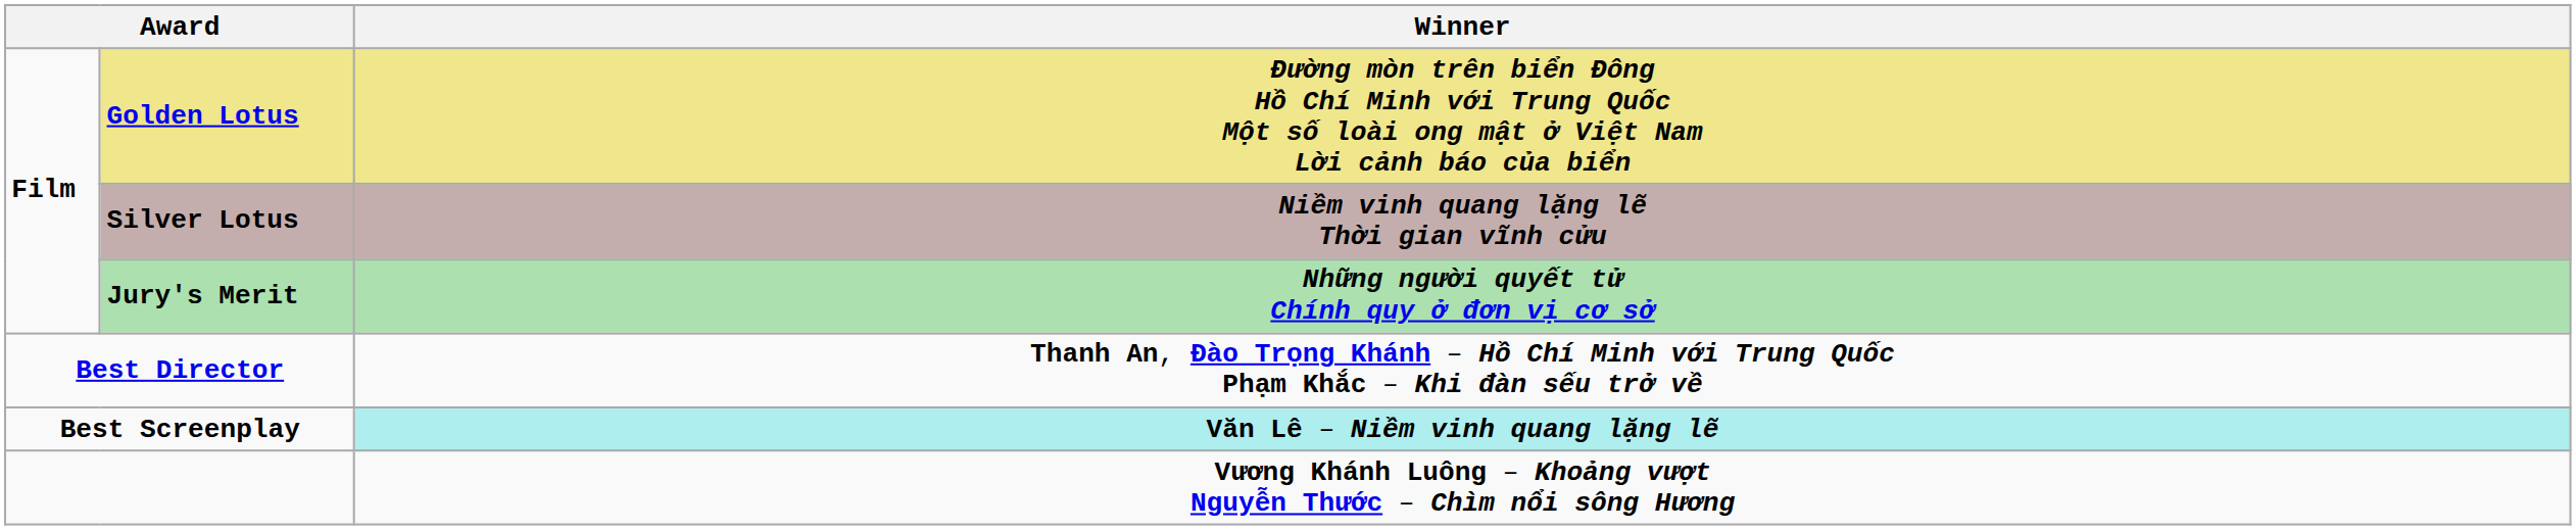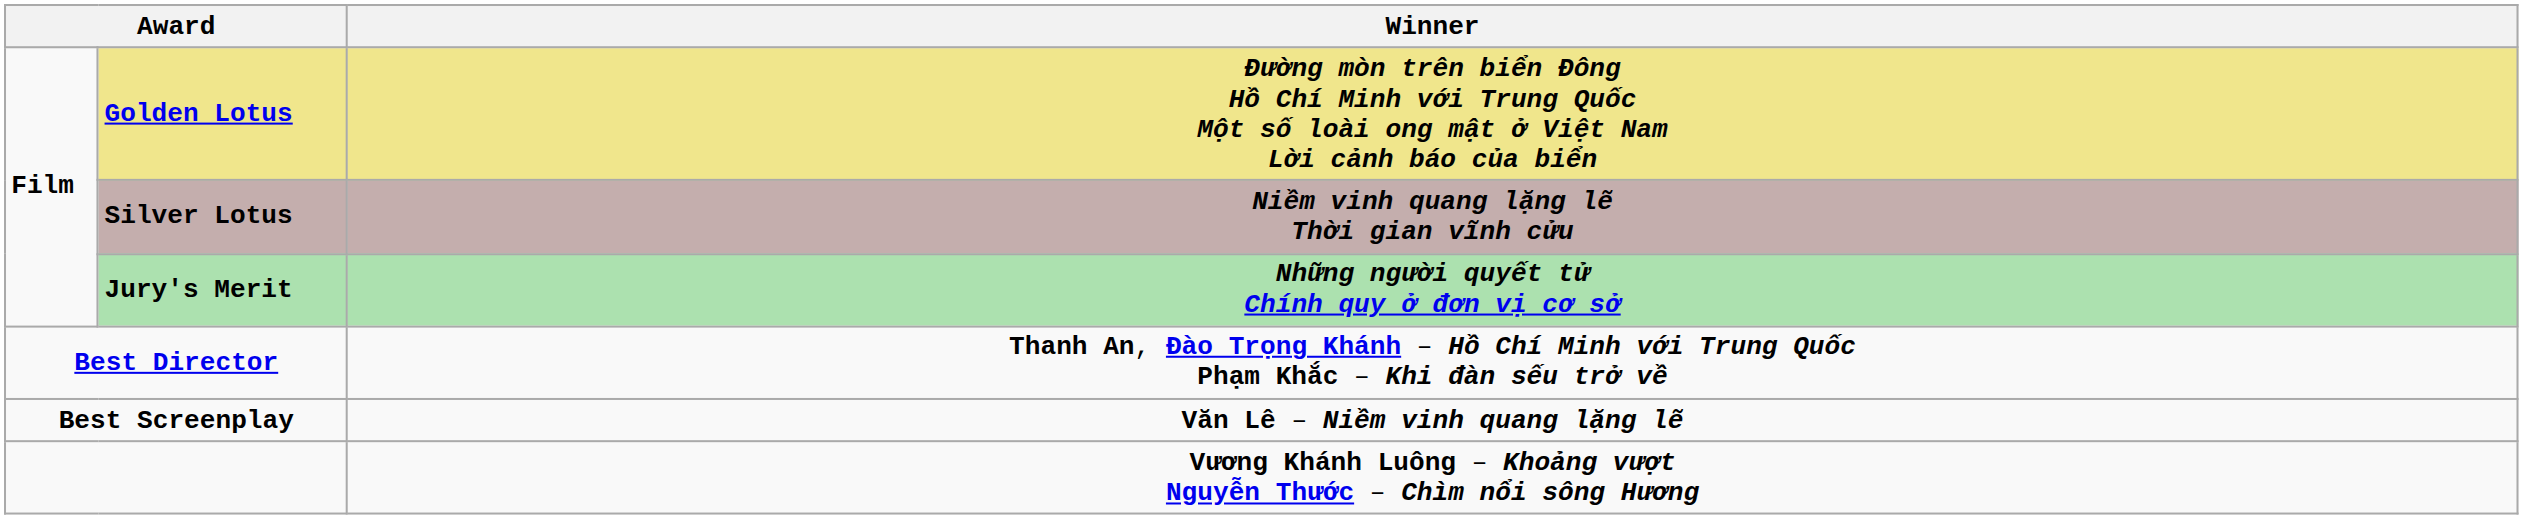 <table class=wikitable>
 <tr>
 <th width="12%" colspan="2">Award</th>
 <th width="76%">Winner</th>
 </tr>
 <tr>
 <td rowspan="3"><strong>Film</strong></td>
 <td style="background:#F0E68C"><strong><a href='#'>Golden Lotus</a></strong></td>
 <td style="background:#F0E68C" align=center><strong><em>Đường mòn trên biển Đông</em></strong><br><strong><em>Hồ Chí Minh với Trung Quốc</em></strong><br><strong><em>Một số loài ong mật ở Việt Nam</em></strong><br><strong><em>Lời cảnh báo của biển</em></strong></td>
 </tr>
 <tr>
 <td style="background:#C4AEAD"><strong>Silver Lotus</strong></td>
 <td style="background:#C4AEAD" align=center><strong><em>Niềm vinh quang lặng lẽ</em></strong><br><strong><em>Thời gian vĩnh cửu</em></strong></td>
 </tr>
 <tr>
 <td style="background:#ACE1AF"><strong>Jury's Merit</strong></td>
 <td style="background:#ACE1AF" align=center><strong><em>Những người quyết tử</em></strong><br><strong><em><a href='#'>Chính quy ở đơn vị cơ sở</a></em></strong></td>
 </tr>
 <tr>
 <td colspan="2" align=center><strong><a href='#'>Best Director</a></strong></td>
 <td align=center><strong>Thanh An</strong>, <strong><a href='#'>Đào Trọng Khánh</a></strong> – <strong><em>Hồ Chí Minh với Trung Quốc</em></strong><br><strong>Phạm Khắc</strong> – <strong><em>Khi đàn sếu trở về</em></strong></td>
 </tr>
 <tr>
 <td colspan="2" align=center><strong>Best Screenplay</strong></td>
-<td align=center style="background: paleturquoise;"><strong>Văn Lê</strong> – <strong><em>Niềm vinh quang lặng lẽ</em></strong></td>
+<td align=center><strong>Văn Lê</strong> – <strong><em>Niềm vinh quang lặng lẽ</em></strong></td>
 </tr>
 <tr>
 <td colspan="2" align=center><strong></strong></td>
 <td align=center><strong>Vương Khánh Luông</strong> – <strong><em>Khoảng vượt</em></strong><br><strong><a href='#'>Nguyễn Thước</a></strong> – <strong><em>Chìm nổi sông Hương</em></strong></td>
 </tr>
 </table>
